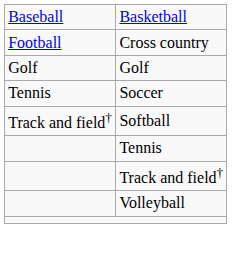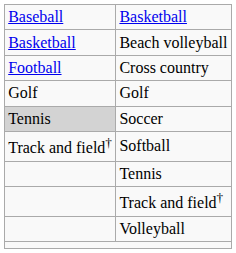 <table class="wikitable" style=" ">
 <tr>
 </tr>
 <tr>
 <td><a href='#'>Baseball</a></td>
 <td><a href='#'>Basketball</a></td>
+</tr>
+<tr>
+<td><a href='#'>Basketball</a></td>
+<td>Beach volleyball</td>
 </tr>
 <tr>
 <td><a href='#'>Football</a></td>
 <td>Cross country</td>
 </tr>
 <tr>
 <td>Golf</td>
 <td>Golf</td>
 </tr>
 <tr>
-<td>Tennis</td>
+<td style="background: lightgrey;">Tennis</td>
 <td>Soccer</td>
 </tr>
 <tr>
 <td>Track and field<sup>†</sup></td>
 <td>Softball</td>
 </tr>
 <tr>
 <td></td>
 <td>Tennis</td>
 </tr>
 <tr>
 <td></td>
 <td>Track and field<sup>†</sup></td>
 </tr>
 <tr>
 <td></td>
 <td>Volleyball</td>
 </tr>
 <tr>
 <td colspan="2"></td>
 </tr>
 </table>
